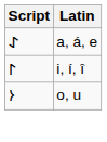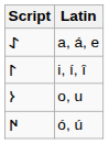 <table class="wikitable">
 <tr>
 <th>Script</th>
 <th>Latin</th>
 </tr>
 <tr>
 <td>𐰀‎‎</td>
 <td>a, á, e</td>
 </tr>
 <tr>
 <td>𐰃‎‎</td>
 <td>i, í, î</td>
 </tr>
 <tr>
 <td>𐰆‎</td>
 <td>o, u</td>
 </tr>
+<tr>
+<td>𐰇‎‎</td>
+<td>ó, ú</td>
+</tr>
 </table>
